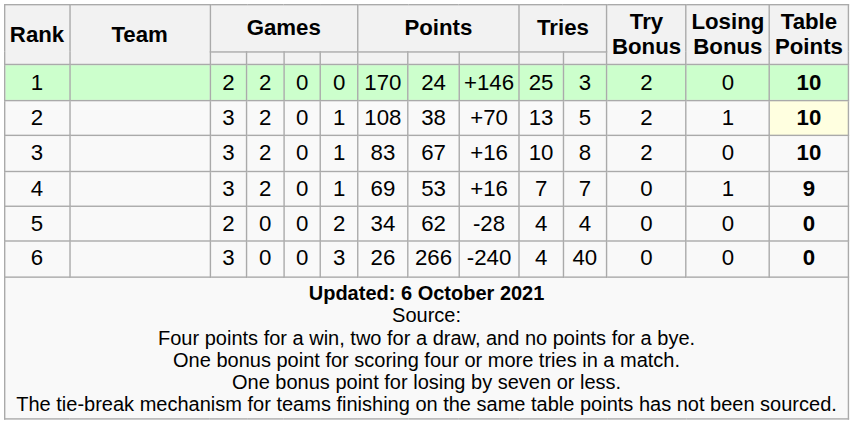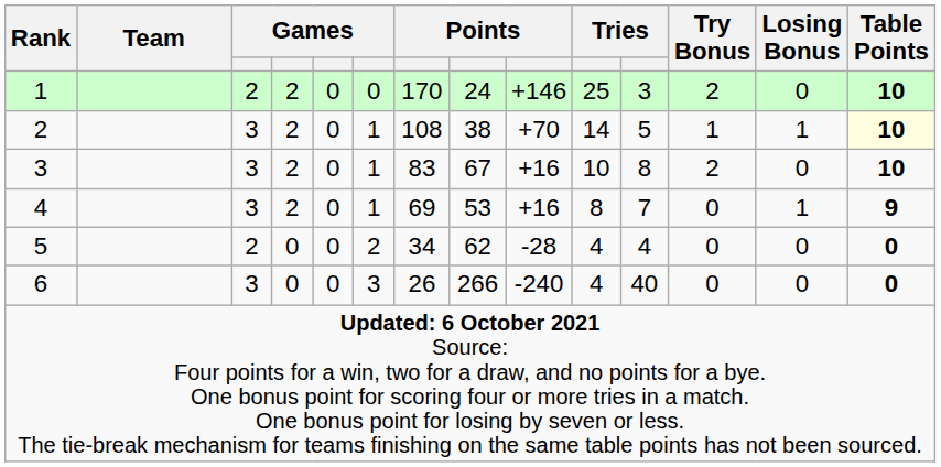 <table class="wikitable"  style="text-align: center;">
 <tr>
 <th rowspan="2" width="20">Rank</th>
 <th rowspan="2" width="160">Team</th>
 <th colspan="4">Games</th>
 <th colspan="3">Points</th>
 <th colspan="2">Tries</th>
 <th rowspan="2" width="50">Try Bonus</th>
 <th rowspan="2" width="50">Losing Bonus</th>
 <th rowspan="2" width="50">Table Points</th>
 </tr>
 <tr>
 <th style="width:2em"></th>
 <th style="width:2em"></th>
 <th style="width:2em"></th>
 <th style="width:2em"></th>
 <th style="width:2em"></th>
 <th style="width:2em"></th>
 <th style="width:2em"></th>
 <th style="width:2em"></th>
 <th style="width:2em"></th>
 </tr>
 <tr bgcolor="#ccffcc">
 <td>1</td>
 <td align=left></td>
 <td>2</td>
 <td>2</td>
 <td>0</td>
 <td>0</td>
 <td>170</td>
 <td>24</td>
 <td>+146</td>
 <td>25</td>
 <td>3</td>
 <td>2</td>
 <td>0</td>
 <td><strong>10</strong></td>
 </tr>
 <tr>
 <td>2</td>
 <td align=left></td>
 <td>3</td>
 <td>2</td>
 <td>0</td>
 <td>1</td>
 <td>108</td>
 <td>38</td>
 <td>+70</td>
-<td>13</td>
+<td>14</td>
 <td>5</td>
-<td>2</td>
+<td>1</td>
 <td>1</td>
 <td style="background: lightyellow;"><strong>10</strong></td>
 </tr>
 <tr>
 <td>3</td>
 <td align=left></td>
 <td>3</td>
 <td>2</td>
 <td>0</td>
 <td>1</td>
 <td>83</td>
 <td>67</td>
 <td>+16</td>
 <td>10</td>
 <td>8</td>
 <td>2</td>
 <td>0</td>
 <td><strong>10</strong></td>
 </tr>
 <tr>
 <td>4</td>
 <td align=left></td>
 <td>3</td>
 <td>2</td>
 <td>0</td>
 <td>1</td>
 <td>69</td>
 <td>53</td>
 <td>+16</td>
-<td>7</td>
+<td>8</td>
 <td>7</td>
 <td>0</td>
 <td>1</td>
 <td><strong>9</strong></td>
 </tr>
 <tr>
 <td>5</td>
 <td align=left></td>
 <td>2</td>
 <td>0</td>
 <td>0</td>
 <td>2</td>
 <td>34</td>
 <td>62</td>
 <td>-28</td>
 <td>4</td>
 <td>4</td>
 <td>0</td>
 <td>0</td>
 <td><strong>0</strong></td>
 </tr>
 <tr>
 <td>6</td>
 <td align=left></td>
 <td>3</td>
 <td>0</td>
 <td>0</td>
 <td>3</td>
 <td>26</td>
 <td>266</td>
 <td>-240</td>
 <td>4</td>
 <td>40</td>
 <td>0</td>
 <td>0</td>
 <td><strong>0</strong></td>
 </tr>
 <tr>
 <td colspan="100%" style="border:0; row-height:108%; font-size:90%"><strong>Updated: 6 October 2021</strong><br>Source: <br>Four points for a win, two for a draw, and no points for a bye.<br>One bonus point for scoring four or more tries in a match.<br> One bonus point for losing by seven or less.<br>The tie-break mechanism for teams finishing on the same table points has not been sourced.</td>
 </tr>
 </table>
